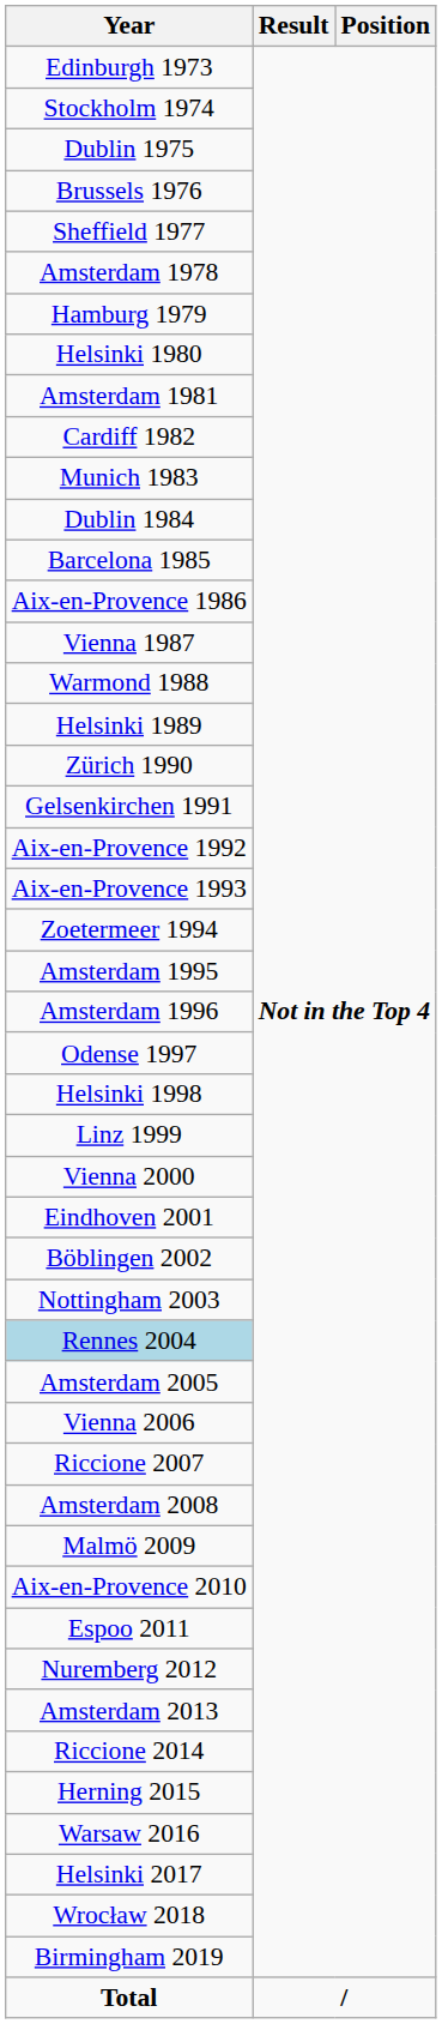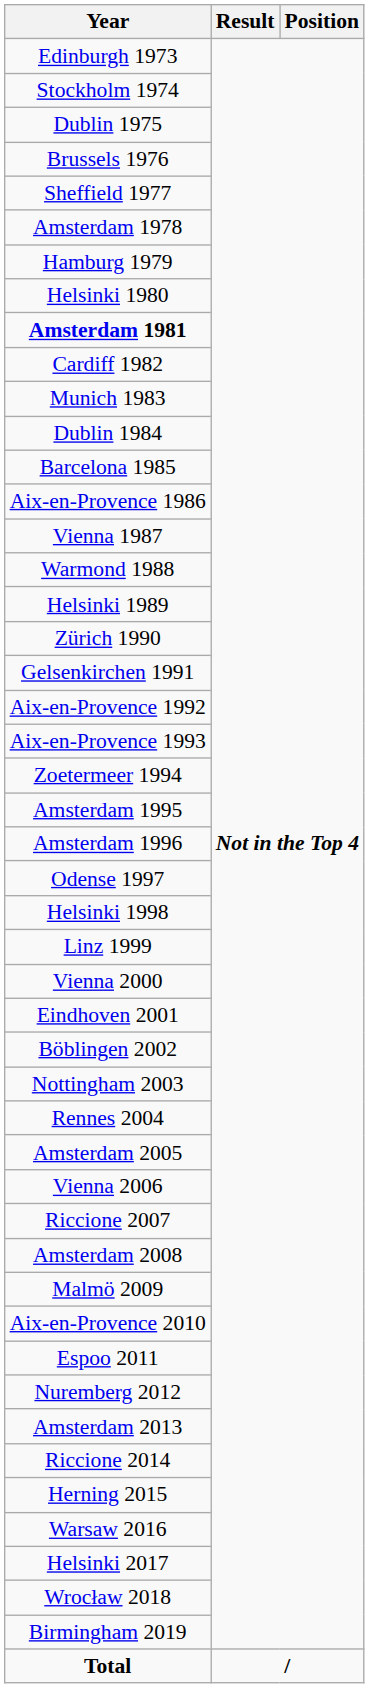 <table class="wikitable" style="text-align: center;">
 <tr>
 <th>Year</th>
 <th>Result</th>
 <th>Position</th>
 </tr>
 <tr>
 <td> <a href='#'>Edinburgh</a> 1973</td>
 <td rowspan="47" colspan="2" align="center"><strong><em>Not in the Top 4</em></strong></td>
 </tr>
 <tr>
 <td> <a href='#'>Stockholm</a> 1974</td>
 </tr>
 <tr>
 <td> <a href='#'>Dublin</a> 1975</td>
 </tr>
 <tr>
 <td> <a href='#'>Brussels</a> 1976</td>
 </tr>
 <tr>
 <td> <a href='#'>Sheffield</a> 1977</td>
 </tr>
 <tr>
 <td> <a href='#'>Amsterdam</a> 1978</td>
 </tr>
 <tr>
 <td> <a href='#'>Hamburg</a> 1979</td>
 </tr>
 <tr>
 <td> <a href='#'>Helsinki</a> 1980</td>
 </tr>
 <tr>
-<td> <a href='#'>Amsterdam</a> 1981</td>
+<td><strong> <a href='#'>Amsterdam</a> 1981</strong></td>
 </tr>
 <tr>
 <td> <a href='#'>Cardiff</a> 1982</td>
 </tr>
 <tr>
 <td> <a href='#'>Munich</a> 1983</td>
 </tr>
 <tr>
 <td> <a href='#'>Dublin</a> 1984</td>
 </tr>
 <tr>
 <td> <a href='#'>Barcelona</a> 1985</td>
 </tr>
 <tr>
 <td> <a href='#'>Aix-en-Provence</a> 1986</td>
 </tr>
 <tr>
 <td> <a href='#'>Vienna</a> 1987</td>
 </tr>
 <tr>
 <td> <a href='#'>Warmond</a> 1988</td>
 </tr>
 <tr>
 <td> <a href='#'>Helsinki</a> 1989</td>
 </tr>
 <tr>
 <td> <a href='#'>Zürich</a> 1990</td>
 </tr>
 <tr>
 <td> <a href='#'>Gelsenkirchen</a> 1991</td>
 </tr>
 <tr>
 <td> <a href='#'>Aix-en-Provence</a> 1992</td>
 </tr>
 <tr>
 <td> <a href='#'>Aix-en-Provence</a> 1993</td>
 </tr>
 <tr>
 <td> <a href='#'>Zoetermeer</a> 1994</td>
 </tr>
 <tr>
 <td> <a href='#'>Amsterdam</a> 1995</td>
 </tr>
 <tr>
 <td> <a href='#'>Amsterdam</a> 1996</td>
 </tr>
 <tr>
 <td> <a href='#'>Odense</a> 1997</td>
 </tr>
 <tr>
 <td> <a href='#'>Helsinki</a> 1998</td>
 </tr>
 <tr>
 <td> <a href='#'>Linz</a> 1999</td>
 </tr>
 <tr>
 <td> <a href='#'>Vienna</a> 2000</td>
 </tr>
 <tr>
 <td> <a href='#'>Eindhoven</a> 2001</td>
 </tr>
 <tr>
 <td> <a href='#'>Böblingen</a> 2002</td>
 </tr>
 <tr>
 <td> <a href='#'>Nottingham</a> 2003</td>
 </tr>
 <tr>
-<td style="background: lightblue;"> <a href='#'>Rennes</a> 2004</td>
+<td> <a href='#'>Rennes</a> 2004</td>
 </tr>
 <tr>
 <td> <a href='#'>Amsterdam</a> 2005</td>
 </tr>
 <tr>
 <td> <a href='#'>Vienna</a> 2006</td>
 </tr>
 <tr>
 <td> <a href='#'>Riccione</a> 2007</td>
 </tr>
 <tr>
 <td> <a href='#'>Amsterdam</a> 2008</td>
 </tr>
 <tr>
 <td> <a href='#'>Malmö</a> 2009</td>
 </tr>
 <tr>
 <td> <a href='#'>Aix-en-Provence</a> 2010</td>
 </tr>
 <tr>
 <td> <a href='#'>Espoo</a> 2011</td>
 </tr>
 <tr>
 <td> <a href='#'>Nuremberg</a> 2012</td>
 </tr>
 <tr>
 <td> <a href='#'>Amsterdam</a> 2013</td>
 </tr>
 <tr>
 <td> <a href='#'>Riccione</a> 2014</td>
 </tr>
 <tr>
 <td> <a href='#'>Herning</a> 2015</td>
 </tr>
 <tr>
 <td> <a href='#'>Warsaw</a> 2016</td>
 </tr>
 <tr>
 <td> <a href='#'>Helsinki</a> 2017</td>
 </tr>
 <tr>
 <td> <a href='#'>Wrocław</a> 2018</td>
 </tr>
 <tr>
 <td> <a href='#'>Birmingham</a> 2019</td>
 </tr>
 <tr>
 <td><strong>Total</strong></td>
 <td rowspan="1" colspan="2" align="center"><strong>/</strong></td>
 </tr>
 </table>
